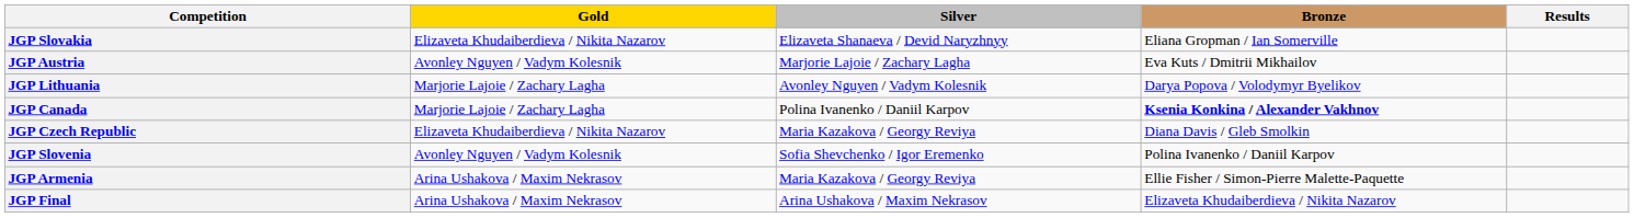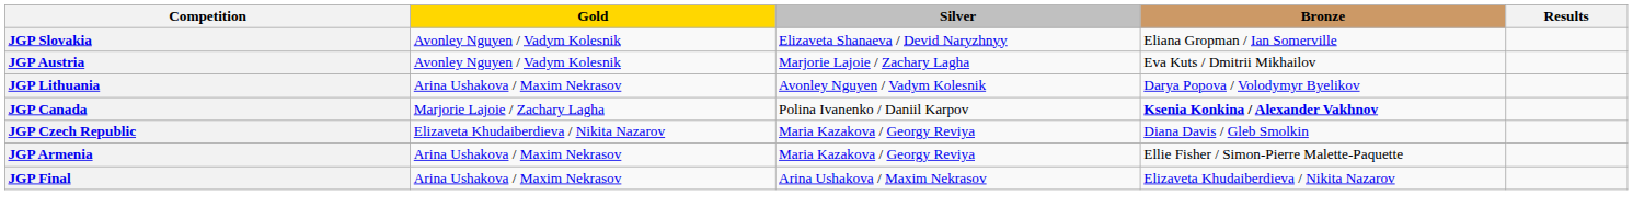 <table class="wikitable unsortable" style="text-align:left; width:90%">
 <tr>
 <th scope="col" style="text-align:center; width:25%;">Competition</th>
 <td scope="col" style="text-align:center; width:22.5%; background:gold"><strong>Gold</strong></td>
 <td scope="col" style="text-align:center; width:22.5%; background:silver"><strong>Silver</strong></td>
 <td scope="col" style="text-align:center; width:22.5%; background:#c96"><strong>Bronze</strong></td>
 <th scope="col" style="text-align:center; width:7.5%;">Results</th>
 </tr>
 <tr>
 <th scope="row" style="text-align:left"> <a href='#'>JGP Slovakia</a></th>
-<td> <a href='#'>Elizaveta Khudaiberdieva</a> / <a href='#'>Nikita Nazarov</a></td>
+<td> <a href='#'>Avonley Nguyen</a> / <a href='#'>Vadym Kolesnik</a></td>
 <td> <a href='#'>Elizaveta Shanaeva</a> / <a href='#'>Devid Naryzhnyy</a></td>
 <td> Eliana Gropman / <a href='#'>Ian Somerville</a></td>
 <td></td>
 </tr>
 <tr>
 <th scope="row" style="text-align:left"> <a href='#'>JGP Austria</a></th>
 <td> <a href='#'>Avonley Nguyen</a> / <a href='#'>Vadym Kolesnik</a></td>
 <td> <a href='#'>Marjorie Lajoie</a> / <a href='#'>Zachary Lagha</a></td>
 <td> Eva Kuts / Dmitrii Mikhailov</td>
 <td></td>
 </tr>
 <tr>
 <th scope="row" style="text-align:left"> <a href='#'>JGP Lithuania</a></th>
-<td>  <a href='#'>Marjorie Lajoie</a> / <a href='#'>Zachary Lagha</a></td>
+<td> <a href='#'>Arina Ushakova</a> / <a href='#'>Maxim Nekrasov</a></td>
 <td> <a href='#'>Avonley Nguyen</a> / <a href='#'>Vadym Kolesnik</a></td>
 <td> <a href='#'>Darya Popova</a> / <a href='#'>Volodymyr Byelikov</a></td>
 <td></td>
 </tr>
 <tr>
 <th scope="row" style="text-align:left"> <a href='#'>JGP Canada</a></th>
 <td>  <a href='#'>Marjorie Lajoie</a> / <a href='#'>Zachary Lagha</a></td>
 <td> Polina Ivanenko / Daniil Karpov</td>
 <td><strong> <a href='#'>Ksenia Konkina</a> / <a href='#'>Alexander Vakhnov</a></strong></td>
 <td></td>
 </tr>
 <tr>
 <th scope="row" style="text-align:left"> <a href='#'>JGP Czech Republic</a></th>
 <td> <a href='#'>Elizaveta Khudaiberdieva</a> / <a href='#'>Nikita Nazarov</a></td>
 <td> <a href='#'>Maria Kazakova</a> / <a href='#'>Georgy Reviya</a></td>
 <td> <a href='#'>Diana Davis</a> / <a href='#'>Gleb Smolkin</a></td>
 <td></td>
 </tr>
 <tr>
-<th scope="row" style="text-align:left"> <a href='#'>JGP Slovenia</a></th>
-<td> <a href='#'>Avonley Nguyen</a> / <a href='#'>Vadym Kolesnik</a></td>
-<td> <a href='#'>Sofia Shevchenko</a> / <a href='#'>Igor Eremenko</a></td>
-<td> Polina Ivanenko / Daniil Karpov</td>
-<td></td>
-</tr>
-<tr>
 <th scope="row" style="text-align:left"> <a href='#'>JGP Armenia</a></th>
 <td> <a href='#'>Arina Ushakova</a> / <a href='#'>Maxim Nekrasov</a></td>
 <td> <a href='#'>Maria Kazakova</a> / <a href='#'>Georgy Reviya</a></td>
 <td> Ellie Fisher / Simon-Pierre Malette-Paquette</td>
 <td></td>
 </tr>
 <tr>
 <th scope="row" style="text-align:left"> <a href='#'>JGP Final</a></th>
 <td> <a href='#'>Arina Ushakova</a> / <a href='#'>Maxim Nekrasov</a></td>
 <td> <a href='#'>Arina Ushakova</a> / <a href='#'>Maxim Nekrasov</a></td>
 <td> <a href='#'>Elizaveta Khudaiberdieva</a> / <a href='#'>Nikita Nazarov</a></td>
 <td></td>
 </tr>
 </table>
